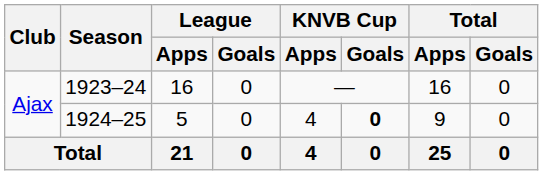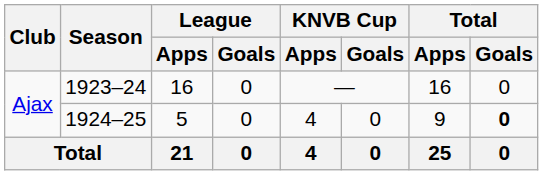 <table class="wikitable" style="text-align:center">
 <tr>
 <th rowspan="2">Club</th>
 <th rowspan="2">Season</th>
 <th colspan="2">League</th>
 <th colspan="2">KNVB Cup</th>
 <th colspan="2">Total</th>
 </tr>
 <tr>
 <th>Apps</th>
 <th>Goals</th>
 <th>Apps</th>
 <th>Goals</th>
 <th>Apps</th>
 <th>Goals</th>
 </tr>
 <tr>
 <td rowspan="2"><a href='#'>Ajax</a></td>
 <td>1923–24</td>
 <td>16</td>
 <td>0</td>
 <td colspan="2">—</td>
 <td>16</td>
 <td>0</td>
 </tr>
 <tr>
 <td>1924–25</td>
 <td>5</td>
 <td>0</td>
 <td>4</td>
+<td>0</td>
+<td>9</td>
 <td><strong>0</strong></td>
-<td>9</td>
-<td>0</td>
 </tr>
 <tr>
 <th colspan="2">Total</th>
 <th>21</th>
 <th>0</th>
 <th>4</th>
 <th>0</th>
 <th>25</th>
 <th>0</th>
 </tr>
 </table>
